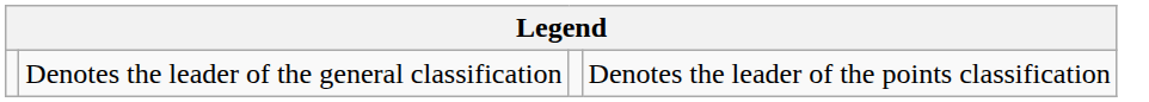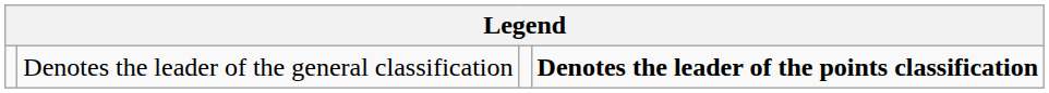 <table class="wikitable">
 <tr>
 <th colspan="4">Legend</th>
 </tr>
 <tr>
 <td></td>
 <td>Denotes the leader of the general classification</td>
 <td></td>
-<td>Denotes the leader of the points classification</td>
+<td><strong>Denotes the leader of the points classification</strong></td>
 </tr>
 </table>
